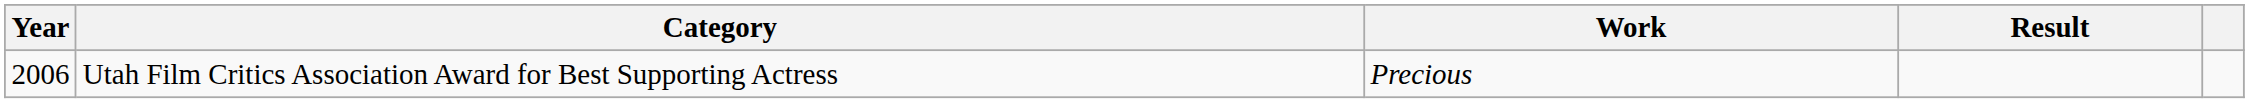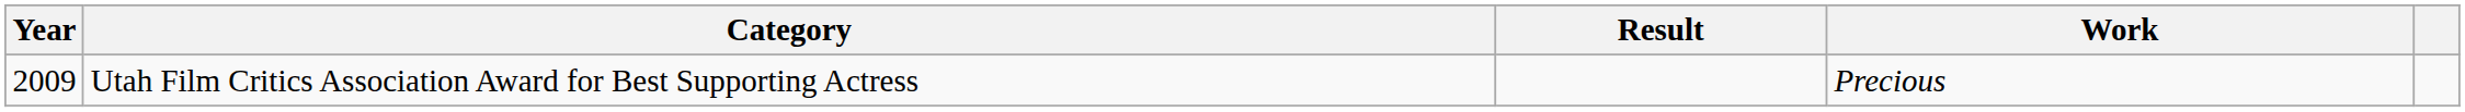 <table class="wikitable">
 <tr>
 <th scope="col" style="width:1em;">Year</th>
 <th scope="col" style="width:44em;">Category</th>
+<th scope="col" style="width:10em;">Result</th>
 <th scope="col" style="width:18em;">Work</th>
-<th scope="col" style="width:10em;">Result</th>
 <th class="unsortable" style="width:1em;"></th>
 </tr>
 <tr>
-<td>2006</td>
+<td>2009</td>
 <td>Utah Film Critics Association Award for Best Supporting Actress</td>
+<td></td>
 <td><em>Precious</em></td>
-<td></td>
 <td></td>
 </tr>
 </table>
